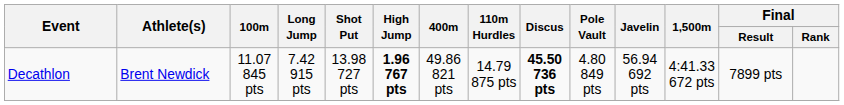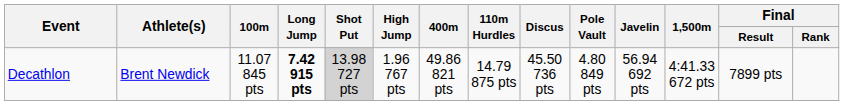 <table class=wikitable style="font-size:90%">
 <tr>
 <th rowspan="2" width=150>Event</th>
 <th rowspan="2" width=150>Athlete(s)</th>
 <th rowspan="2" width=50><small>100m</small></th>
 <th rowspan="2" width=50><small>Long<br>Jump</small></th>
 <th rowspan="2" width=50><small>Shot<br>Put</small></th>
 <th rowspan="2" width=50><small>High<br>Jump</small></th>
 <th rowspan="2" width=50><small>400m</small></th>
 <th rowspan="2" width=50><small>110m<br>Hurdles</small></th>
 <th rowspan="2" width=50><small>Discus</small></th>
 <th rowspan="2" width=50><small>Pole<br>Vault</small></th>
 <th rowspan="2" width=50><small>Javelin</small></th>
 <th rowspan="2" width=50><small>1,500m</small></th>
 <th colspan="2" width=150>Final</th>
 </tr>
 <tr>
 <th style="line-height:1em" width=100><small>Result</small></th>
 <th style="line-height:1em" width=50><small>Rank</small></th>
 </tr>
 <tr>
 <td rowspan=3><a href='#'>Decathlon</a></td>
 <td><a href='#'>Brent Newdick</a></td>
 <td align="center">11.07<br>845 pts</td>
-<td align="center">7.42<br>915 pts</td>
-<td align="center">13.98<br>727 pts</td>
-<td align="center"><strong>1.96<br>767 pts</strong></td>
+<td align="center"><strong>7.42<br>915 pts</strong></td>
+<td align="center" style="background: lightgrey;">13.98<br>727 pts</td>
+<td align="center">1.96<br>767 pts</td>
 <td align="center">49.86<br>821 pts</td>
 <td align="center">14.79<br>875 pts</td>
-<td align="center"><strong>45.50<br>736 pts</strong></td>
+<td align="center">45.50<br>736 pts</td>
 <td align="center">4.80<br>849 pts</td>
 <td align="center">56.94<br>692 pts</td>
 <td align="center">4:41.33<br>672 pts</td>
 <td align="center">7899 pts</td>
 <td align="center"></td>
 </tr>
 <tr>
 </tr>
 </table>
